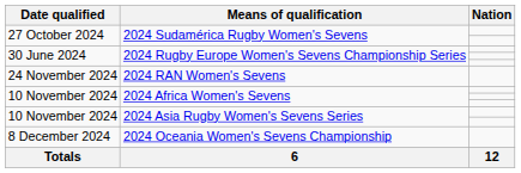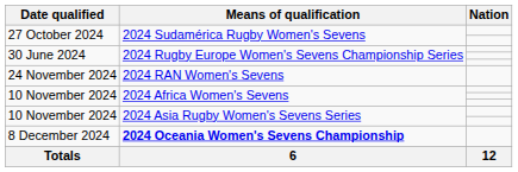 <table class="wikitable sortable">
 <tr>
 <th>Date qualified</th>
 <th>Means of qualification</th>
 <th>Nation</th>
 </tr>
 <tr>
 <td rowspan="2">27 October 2024</td>
 <td rowspan="2"><a href='#'>2024 Sudamérica Rugby Women's Sevens</a></td>
 <td></td>
 </tr>
 <tr>
 <td></td>
 </tr>
 <tr>
 <td rowspan=3>30 June 2024</td>
 <td rowspan=3><a href='#'>2024 Rugby Europe Women's Sevens Championship Series</a></td>
 <td></td>
 </tr>
 <tr>
 <td></td>
 </tr>
 <tr>
 <td></td>
 </tr>
 <tr>
 <td>24 November 2024</td>
 <td><a href='#'>2024 RAN Women's Sevens</a></td>
 <td></td>
 </tr>
 <tr>
 <td rowspan=3>10 November 2024</td>
 <td rowspan=3><a href='#'>2024 Africa Women's Sevens</a></td>
 <td></td>
 </tr>
 <tr>
 <td></td>
 </tr>
 <tr>
 <td></td>
 </tr>
 <tr>
 <td rowspan="2">10 November 2024</td>
 <td rowspan=2><a href='#'>2024 Asia Rugby Women's Sevens Series</a></td>
 <td></td>
 </tr>
 <tr>
 <td></td>
 </tr>
 <tr>
 <td>8 December 2024</td>
-<td><a href='#'>2024 Oceania Women's Sevens Championship</a></td>
+<td><strong><a href='#'>2024 Oceania Women's Sevens Championship</a></strong></td>
 <td></td>
 </tr>
 <tr>
 <th>Totals</th>
 <th>6</th>
 <th>12</th>
 </tr>
 </table>
